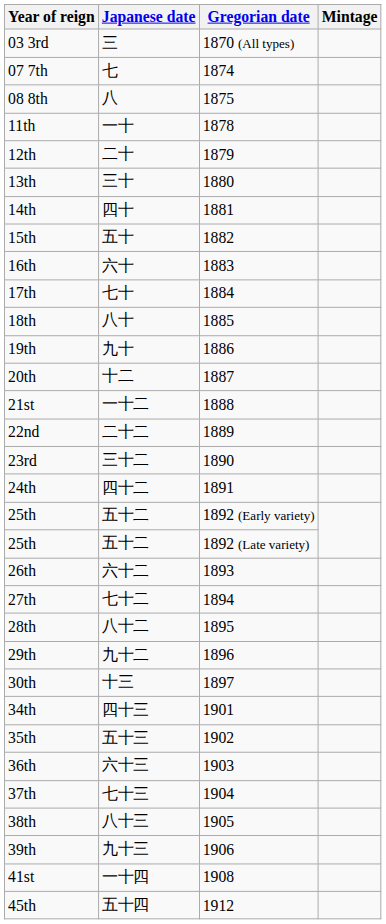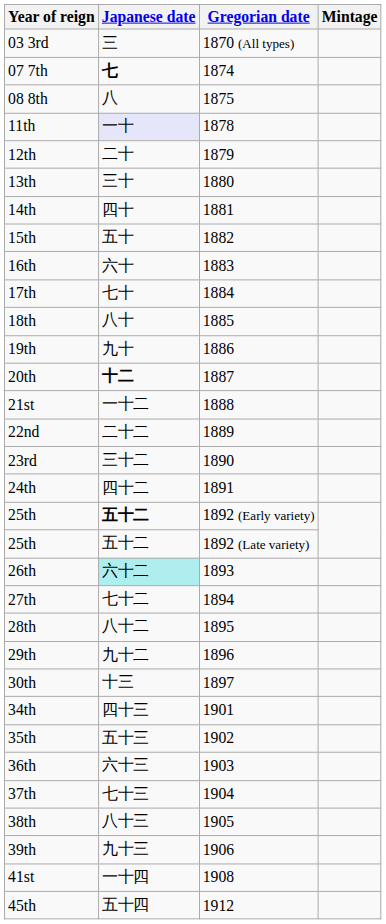 <table class="wikitable sortable">
 <tr>
 <th>Year of reign</th>
 <th class="unsortable"><a href='#'>Japanese date</a></th>
 <th><a href='#'>Gregorian date</a></th>
 <th>Mintage</th>
 </tr>
 <tr>
 <td><span>03</span> 3rd</td>
 <td>三</td>
 <td>1870 <small>(All types)</small></td>
 <td></td>
 </tr>
 <tr>
 <td><span>07</span> 7th</td>
-<td>七</td>
+<td><strong>七</strong></td>
 <td>1874</td>
 <td></td>
 </tr>
 <tr>
 <td><span>08</span> 8th</td>
 <td>八</td>
 <td>1875</td>
 <td></td>
 </tr>
 <tr>
 <td>11th</td>
-<td>一十</td>
+<td style="background: lavender;">一十</td>
 <td>1878</td>
 <td></td>
 </tr>
 <tr>
 <td>12th</td>
 <td>二十</td>
 <td>1879</td>
 <td></td>
 </tr>
 <tr>
 <td>13th</td>
 <td>三十</td>
 <td>1880</td>
 <td></td>
 </tr>
 <tr>
 <td>14th</td>
 <td>四十</td>
 <td>1881</td>
 <td></td>
 </tr>
 <tr>
 <td>15th</td>
 <td>五十</td>
 <td>1882</td>
 <td></td>
 </tr>
 <tr>
 <td>16th</td>
 <td>六十</td>
 <td>1883</td>
 <td></td>
 </tr>
 <tr>
 <td>17th</td>
 <td>七十</td>
 <td>1884</td>
 <td></td>
 </tr>
 <tr>
 <td>18th</td>
 <td>八十</td>
 <td>1885</td>
 <td></td>
 </tr>
 <tr>
 <td>19th</td>
 <td>九十</td>
 <td>1886</td>
 <td></td>
 </tr>
 <tr>
 <td>20th</td>
-<td>十二</td>
+<td><strong>十二</strong></td>
 <td>1887</td>
 <td></td>
 </tr>
 <tr>
 <td>21st</td>
 <td>一十二</td>
 <td>1888</td>
 <td></td>
 </tr>
 <tr>
 <td>22nd</td>
 <td>二十二</td>
 <td>1889</td>
 <td></td>
 </tr>
 <tr>
 <td>23rd</td>
 <td>三十二</td>
 <td>1890</td>
 <td></td>
 </tr>
 <tr>
 <td>24th</td>
 <td>四十二</td>
 <td>1891</td>
 <td></td>
 </tr>
 <tr>
 <td>25th</td>
-<td>五十二</td>
+<td><strong>五十二</strong></td>
 <td>1892 <small>(Early variety)</small></td>
 <td rowspan=2></td>
 </tr>
 <tr>
 <td>25th</td>
 <td>五十二</td>
 <td>1892 <small>(Late variety)</small></td>
 </tr>
 <tr>
 <td>26th</td>
-<td>六十二</td>
+<td style="background: paleturquoise;">六十二</td>
 <td>1893</td>
 <td></td>
 </tr>
 <tr>
 <td>27th</td>
 <td>七十二</td>
 <td>1894</td>
 <td></td>
 </tr>
 <tr>
 <td>28th</td>
 <td>八十二</td>
 <td>1895</td>
 <td></td>
 </tr>
 <tr>
 <td>29th</td>
 <td>九十二</td>
 <td>1896</td>
 <td></td>
 </tr>
 <tr>
 <td>30th</td>
 <td>十三</td>
 <td>1897</td>
 <td></td>
 </tr>
 <tr>
 <td>34th</td>
 <td>四十三</td>
 <td>1901</td>
 <td></td>
 </tr>
 <tr>
 <td>35th</td>
 <td>五十三</td>
 <td>1902</td>
 <td></td>
 </tr>
 <tr>
 <td>36th</td>
 <td>六十三</td>
 <td>1903</td>
 <td></td>
 </tr>
 <tr>
 <td>37th</td>
 <td>七十三</td>
 <td>1904</td>
 <td></td>
 </tr>
 <tr>
 <td>38th</td>
 <td>八十三</td>
 <td>1905</td>
 <td></td>
 </tr>
 <tr>
 <td>39th</td>
 <td>九十三</td>
 <td>1906</td>
 <td></td>
 </tr>
 <tr>
 <td>41st</td>
 <td>一十四</td>
 <td>1908</td>
 <td></td>
 </tr>
 <tr>
 <td>45th</td>
 <td>五十四</td>
 <td>1912</td>
 <td></td>
 </tr>
 </table>
